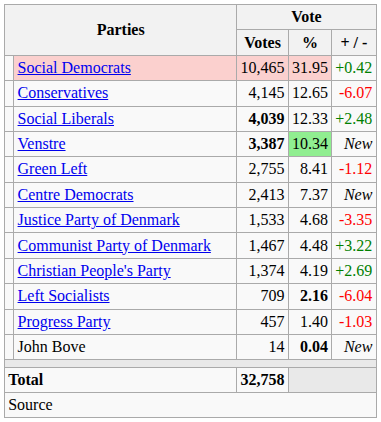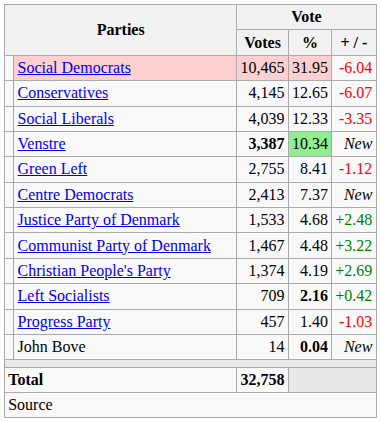 <table class="wikitable" style="text-align:right;">
 <tr>
 <th style="text-align:centre;" rowspan="2" colspan="2" width="225">Parties</th>
 <th colspan="3">Vote</th>
 </tr>
 <tr>
 <th width="15">Votes</th>
 <th width="15">%</th>
 <th width="15">+ / -</th>
 </tr>
 <tr>
 <td width="2" style="color:inherit;background:"></td>
 <td bgcolor=#fbd0ce  align="left"><a href='#'>Social Democrats</a></td>
 <td bgcolor=#fbd0ce>10,465</td>
 <td bgcolor=#fbd0ce>31.95</td>
-<td style=color:green;>+0.42</td>
+<td style=color:red;>-6.04</td>
 </tr>
 <tr>
 <td width="2" style="color:inherit;background:"></td>
 <td align="left"><a href='#'>Conservatives</a></td>
 <td>4,145</td>
 <td>12.65</td>
 <td style=color:red;>-6.07</td>
 </tr>
 <tr>
 <td width="2" style="color:inherit;background:"></td>
 <td align="left"><a href='#'>Social Liberals</a></td>
-<td><strong>4,039</strong></td>
+<td>4,039</td>
 <td>12.33</td>
-<td style=color:green;>+2.48</td>
+<td style=color:red;>-3.35</td>
 </tr>
 <tr>
 <td width="2" style="color:inherit;background:"></td>
 <td align="left"><a href='#'>Venstre</a></td>
 <td><strong>3,387</strong></td>
 <td style="background: lightgreen;">10.34</td>
 <td><em>New</em></td>
 </tr>
 <tr>
 <td width="2" style="color:inherit;background:"></td>
 <td align="left"><a href='#'>Green Left</a></td>
 <td>2,755</td>
 <td>8.41</td>
 <td style=color:red;>-1.12</td>
 </tr>
 <tr>
 <td width="2" style="color:inherit;background:"></td>
 <td align="left"><a href='#'>Centre Democrats</a></td>
 <td>2,413</td>
 <td>7.37</td>
 <td><em>New</em></td>
 </tr>
 <tr>
 <td width="2" style="color:inherit;background:"></td>
 <td align="left"><a href='#'>Justice Party of Denmark</a></td>
 <td>1,533</td>
 <td>4.68</td>
-<td style=color:red;>-3.35</td>
+<td style=color:green;>+2.48</td>
 </tr>
 <tr>
 <td width="2" style="color:inherit;background:"></td>
 <td align="left"><a href='#'>Communist Party of Denmark</a></td>
 <td>1,467</td>
 <td>4.48</td>
 <td style=color:green;>+3.22</td>
 </tr>
 <tr>
 <td width="2" style="color:inherit;background:"></td>
 <td align="left"><a href='#'>Christian People's Party</a></td>
 <td>1,374</td>
 <td>4.19</td>
 <td style=color:green;>+2.69</td>
 </tr>
 <tr>
 <td width="2" style="color:inherit;background:"></td>
 <td align="left"><a href='#'>Left Socialists</a></td>
 <td>709</td>
 <td><strong>2.16</strong></td>
-<td style=color:red;>-6.04</td>
+<td style=color:green;>+0.42</td>
 </tr>
 <tr>
 <td width="2" style="color:inherit;background:"></td>
 <td align="left"><a href='#'>Progress Party</a></td>
 <td>457</td>
 <td>1.40</td>
 <td style=color:red;>-1.03</td>
 </tr>
 <tr>
 <td width="2" style="color:inherit;background:"></td>
 <td align="left">John Bove</td>
 <td>14</td>
 <td><strong>0.04</strong></td>
 <td><em>New</em></td>
 </tr>
 <tr>
 <td colspan="7" bgcolor="#E9E9E9"></td>
 </tr>
 <tr>
 <td align="left" colspan="2"><strong>Total</strong></td>
 <td><strong>32,758</strong></td>
 <td bgcolor="#E9E9E9" colspan="2"></td>
 </tr>
 <tr>
 <td align="left" colspan="6">Source</td>
 </tr>
 </table>
